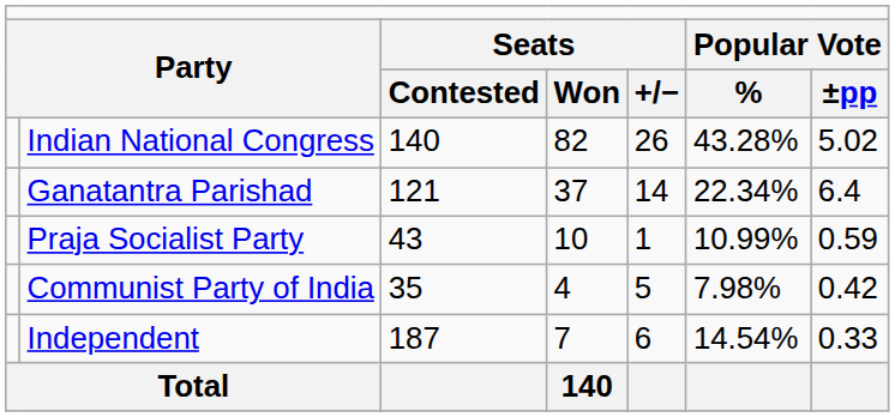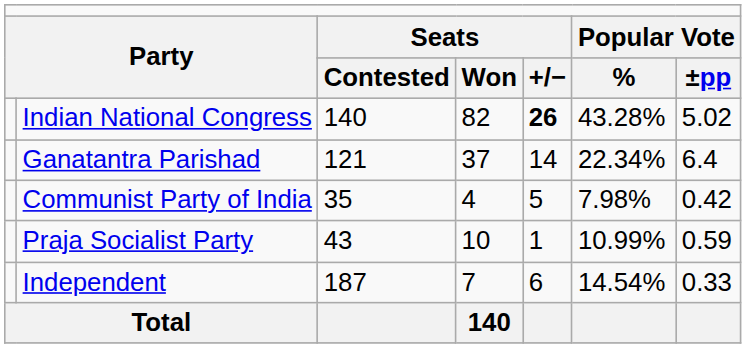 <table class="wikitable">
 <tr>
 <td colspan="7"></td>
 </tr>
 <tr>
 <th colspan="2" rowspan="2">Party</th>
 <th colspan="3">Seats</th>
 <th colspan="2">Popular Vote</th>
 </tr>
 <tr>
 <th>Contested</th>
 <th>Won</th>
 <th><strong>+/−</strong></th>
 <th>%</th>
 <th>±<a href='#'>pp</a></th>
 </tr>
 <tr>
 <td style="background-color: "></td>
 <td><a href='#'>Indian National Congress</a></td>
 <td>140</td>
 <td>82</td>
-<td>26</td>
+<td><strong>26</strong></td>
 <td>43.28%</td>
 <td>5.02</td>
 </tr>
 <tr>
 <td style="background-color: "></td>
 <td><a href='#'>Ganatantra Parishad</a></td>
 <td>121</td>
 <td>37</td>
 <td>14</td>
 <td>22.34%</td>
 <td>6.4</td>
 </tr>
 <tr>
 <td style="background-color: "></td>
+<td><a href='#'>Communist Party of India</a></td>
+<td>35</td>
+<td>4</td>
+<td>5</td>
+<td>7.98%</td>
+<td>0.42</td>
+</tr>
+<tr>
+<td style="background-color: "></td>
 <td><a href='#'>Praja Socialist Party</a></td>
 <td>43</td>
 <td>10</td>
 <td>1</td>
 <td>10.99%</td>
 <td>0.59</td>
-</tr>
-<tr>
-<td style="background-color: "></td>
-<td><a href='#'>Communist Party of India</a></td>
-<td>35</td>
-<td>4</td>
-<td>5</td>
-<td>7.98%</td>
-<td>0.42</td>
 </tr>
 <tr>
 <td style="background-color: "></td>
 <td><a href='#'>Independent</a></td>
 <td>187</td>
 <td>7</td>
 <td>6</td>
 <td>14.54%</td>
 <td>0.33</td>
 </tr>
 <tr>
 <th colspan="2">Total</th>
 <th></th>
 <th>140</th>
 <th></th>
 <th></th>
 <th></th>
 </tr>
 </table>
